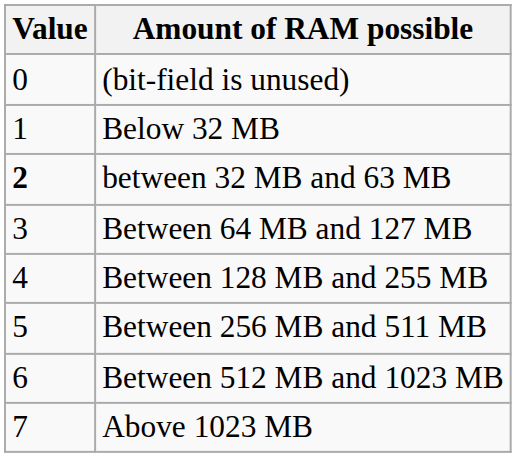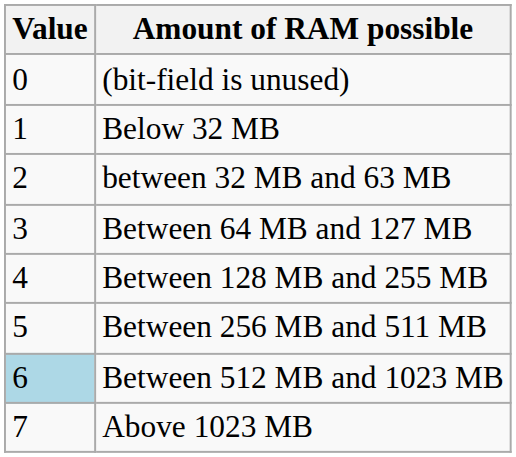 <table class="wikitable">
 <tr>
 <th>Value</th>
 <th>Amount of RAM possible</th>
 </tr>
 <tr>
 <td>0</td>
 <td>(bit-field is unused)</td>
 </tr>
 <tr>
 <td>1</td>
 <td>Below 32 MB</td>
 </tr>
 <tr>
-<td><strong>2</strong></td>
+<td>2</td>
 <td>between 32 MB and 63 MB</td>
 </tr>
 <tr>
 <td>3</td>
 <td>Between 64 MB and 127 MB</td>
 </tr>
 <tr>
 <td>4</td>
 <td>Between 128 MB and 255 MB</td>
 </tr>
 <tr>
 <td>5</td>
 <td>Between 256 MB and 511 MB</td>
 </tr>
 <tr>
-<td>6</td>
+<td style="background: lightblue;">6</td>
 <td>Between 512 MB and 1023 MB</td>
 </tr>
 <tr>
 <td>7</td>
 <td>Above 1023 MB</td>
 </tr>
 </table>
